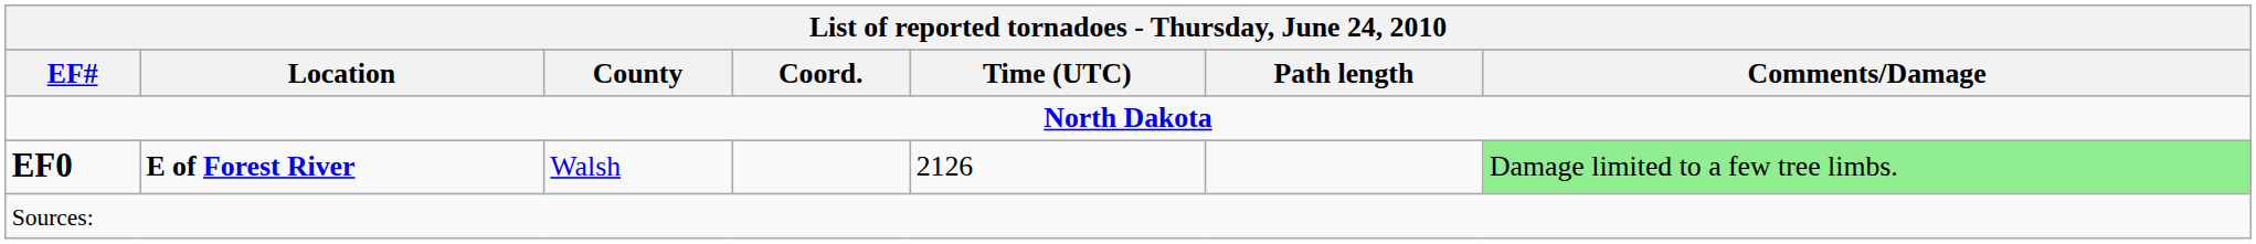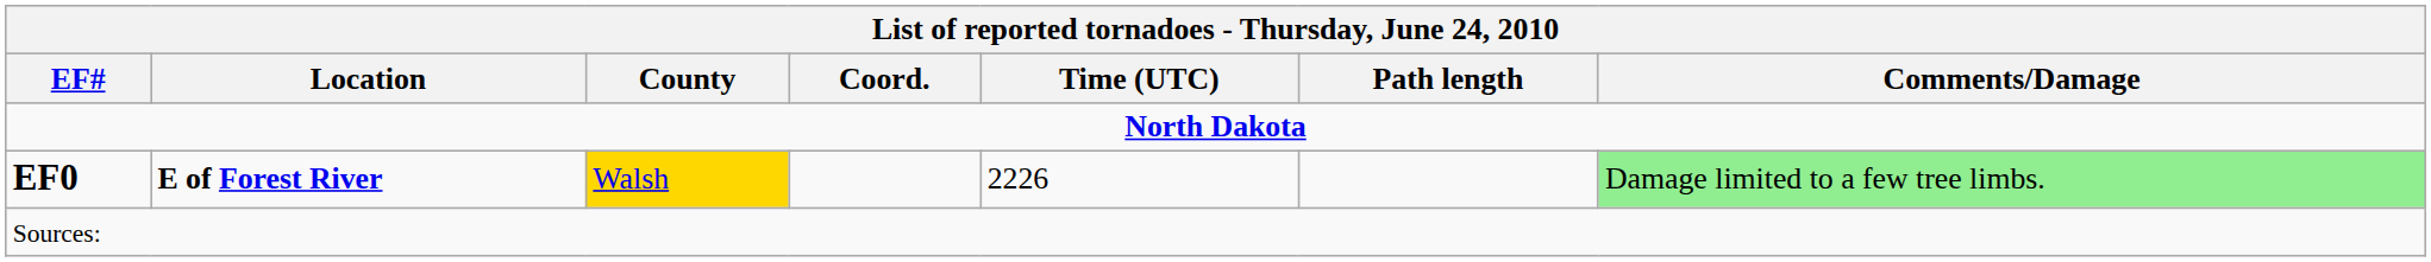 <table class="wikitable collapsible" width="100%">
 <tr>
 <th colspan="7">List of reported tornadoes - Thursday, June 24, 2010</th>
 </tr>
 <tr>
 <th><a href='#'>EF#</a></th>
 <th>Location</th>
 <th>County</th>
 <th>Coord.</th>
 <th>Time (UTC)</th>
 <th>Path length</th>
 <th>Comments/Damage</th>
 </tr>
 <tr>
 <td colspan="7" align=center><strong><a href='#'>North Dakota</a></strong></td>
 </tr>
 <tr>
 <td><big><strong>EF0</strong></big></td>
 <td><strong>E of <a href='#'>Forest River</a></strong></td>
-<td><a href='#'>Walsh</a></td>
+<td style="background: gold;"><a href='#'>Walsh</a></td>
 <td></td>
-<td>2126</td>
+<td>2226</td>
 <td></td>
 <td style="background: lightgreen;">Damage limited to a few tree limbs.</td>
 </tr>
 <tr>
 <td colspan="7"><small>Sources: </small></td>
 </tr>
 </table>
